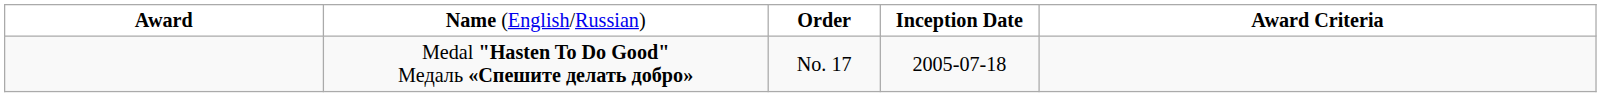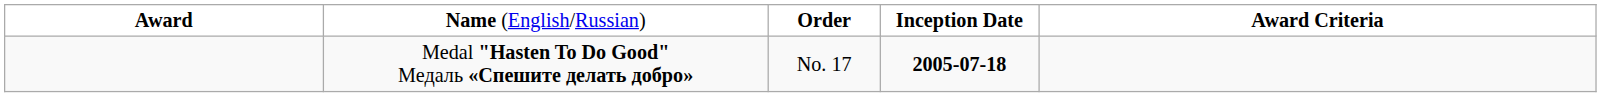 <table class="wikitable sortable" width="100%">
 <tr>
 <td width="20%" bgcolor="#FFFFFF" style="text-align:center;"><strong>Award</strong></td>
 <td width="28%" bgcolor="#FFFFFF" style="text-align:center;"><strong>Name</strong> (<a href='#'>English</a>/<a href='#'>Russian</a>)</td>
 <td width="07%" bgcolor="#FFFFFF" style="text-align:center;"><strong>Order</strong></td>
 <td width="10%" bgcolor="#FFFFFF" style="text-align:center;"><strong>Inception Date</strong></td>
 <td width="35%" bgcolor="#FFFFFF" style="text-align:center;"><strong>Award Criteria</strong></td>
 </tr>
 <tr>
 <td></td>
 <td style="text-align:center;">Medal <strong>"Hasten To Do Good"</strong><br>Медаль <strong>«Спешите делать добро»</strong></td>
 <td style="text-align:center;">No. 17</td>
-<td style="text-align:center;">2005-07-18</td>
+<td style="text-align:center;"><strong>2005-07-18</strong></td>
 <td style="text-align:center;"></td>
 </tr>
 </table>
